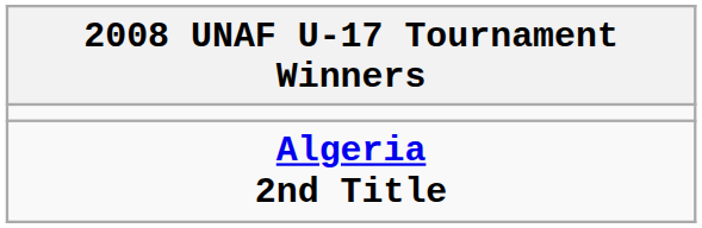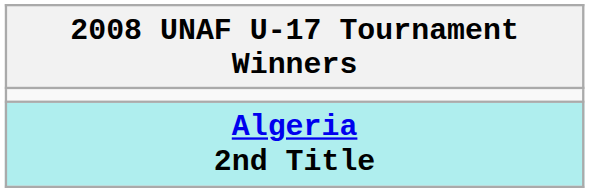 <table class="wikitable" style="text-align: center; margin: 0 auto; width: 20%">
 <tr>
 <th>2008 UNAF U-17 Tournament Winners</th>
 </tr>
 <tr>
 <td></td>
 </tr>
 <tr>
-<td><strong><a href='#'>Algeria</a></strong><br><strong>2nd Title</strong></td>
+<td style="background: paleturquoise;"><strong><a href='#'>Algeria</a></strong><br><strong>2nd Title</strong></td>
 </tr>
 </table>
